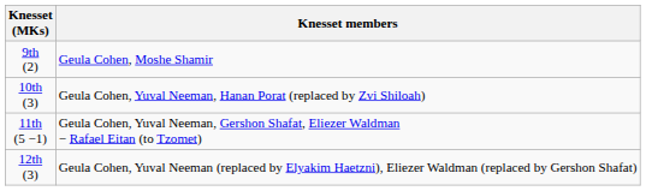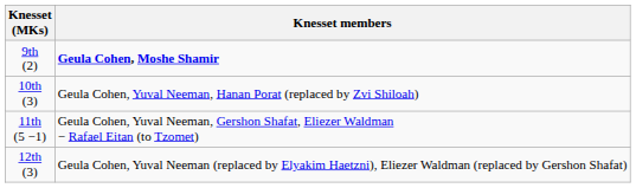 <table class="wikitable" style="text-align:center;">
 <tr>
 <th>Knesset<br>(MKs)</th>
 <th>Knesset members</th>
 </tr>
 <tr>
 <td><a href='#'>9th</a><br>(2)</td>
-<td style="text-align:left"><a href='#'>Geula Cohen</a>, <a href='#'>Moshe Shamir</a></td>
+<td style="text-align:left"><strong><a href='#'>Geula Cohen</a>, <a href='#'>Moshe Shamir</a></strong></td>
 </tr>
 <tr>
 <td><a href='#'>10th</a><br>(3)</td>
 <td style="text-align:left">Geula Cohen, <a href='#'>Yuval Neeman</a>, <a href='#'>Hanan Porat</a> (replaced by <a href='#'>Zvi Shiloah</a>)</td>
 </tr>
 <tr>
 <td><a href='#'>11th</a><br>(5 −1)</td>
 <td style="text-align:left">Geula Cohen, Yuval Neeman, <a href='#'>Gershon Shafat</a>, <a href='#'>Eliezer Waldman</a><br>− <a href='#'>Rafael Eitan</a> (to <a href='#'>Tzomet</a>)</td>
 </tr>
 <tr>
 <td><a href='#'>12th</a><br>(3)</td>
 <td style="text-align:left">Geula Cohen, Yuval Neeman (replaced by <a href='#'>Elyakim Haetzni</a>), Eliezer Waldman (replaced by Gershon Shafat)</td>
 </tr>
 </table>
